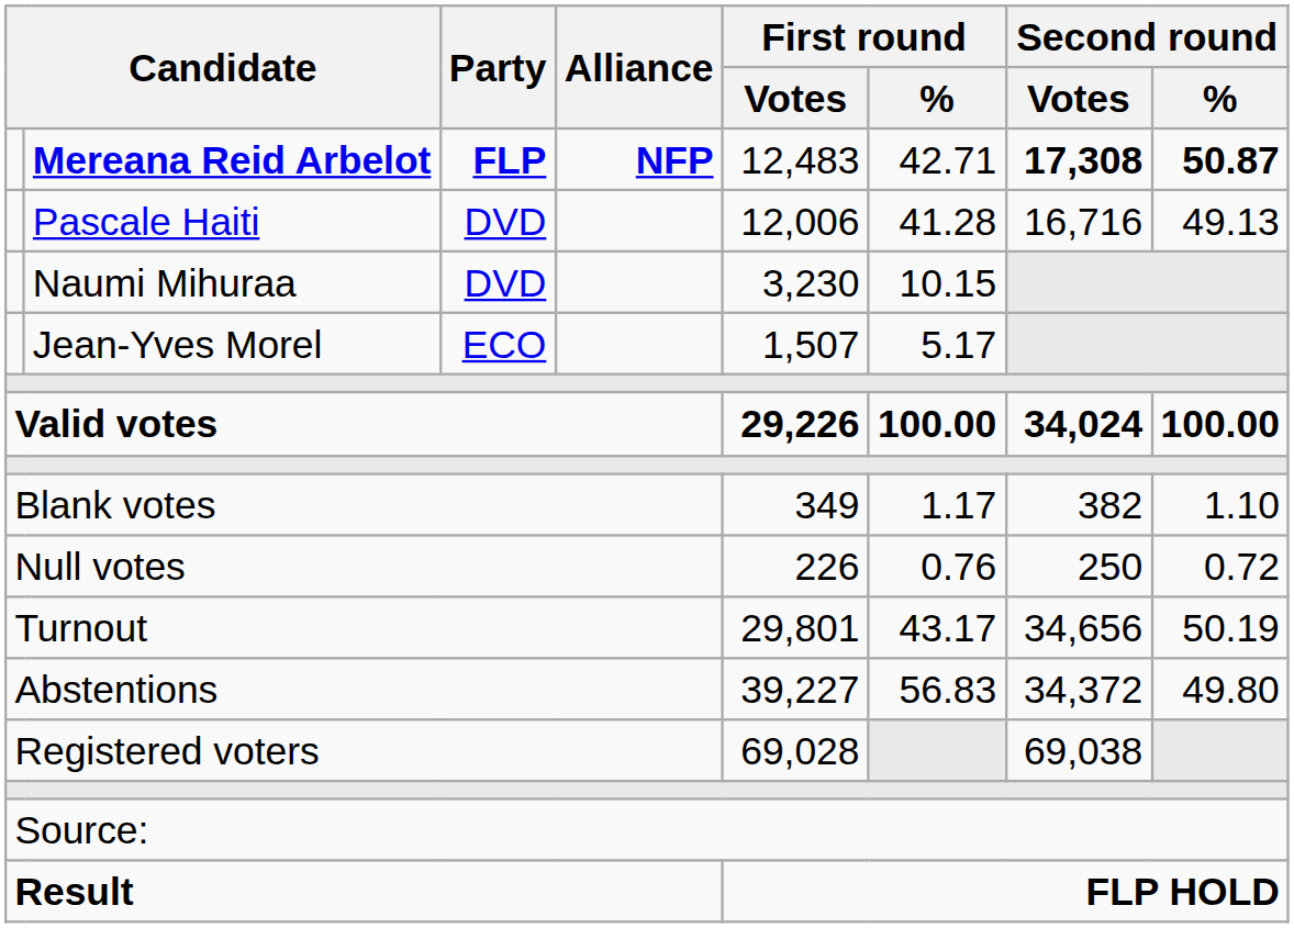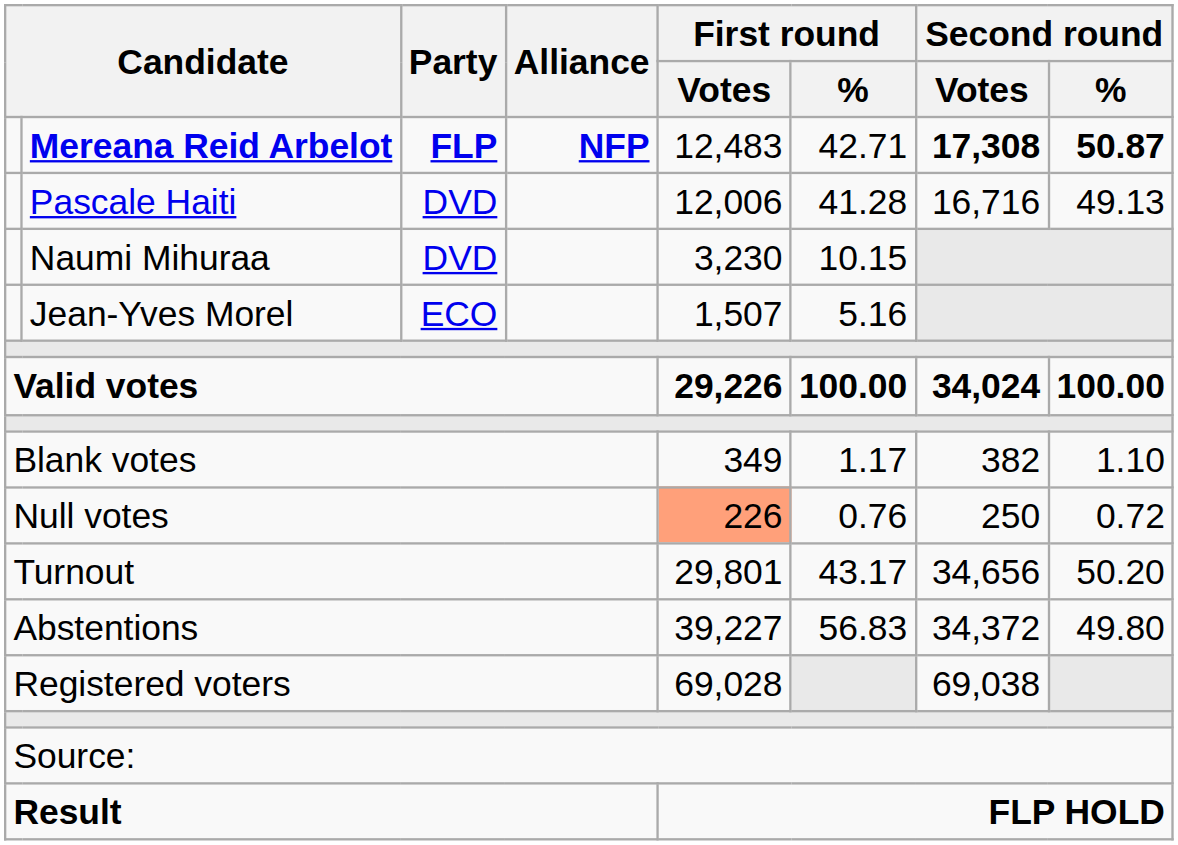 <table class="wikitable" style="text-align:right;font-size:95%;">
 <tr>
 <th colspan="2" rowspan="2">Candidate</th>
 <th colspan="1" rowspan="2">Party</th>
 <th colspan="1" rowspan="2">Alliance</th>
 <th colspan="2">First round</th>
 <th colspan="2">Second round</th>
 </tr>
 <tr>
 <th style="width:50px;">Votes</th>
 <th style="width:45px;">%</th>
 <th style="width:50px;">Votes</th>
 <th style="width:45px;">%</th>
 </tr>
 <tr>
 <td style="color:inherit;background:"></td>
 <td style="text-align:left;"><strong><a href='#'>Mereana Reid Arbelot</a></strong></td>
 <td><a href='#'><strong>FLP</strong></a></td>
 <td><a href='#'><strong>NFP</strong></a></td>
 <td>12,483</td>
 <td>42.71</td>
 <td><strong>17,308</strong></td>
 <td><strong>50.87</strong></td>
 </tr>
 <tr>
 <td style="color:inherit;background:"></td>
 <td style="text-align:left;"><a href='#'>Pascale Haiti</a></td>
 <td><a href='#'>DVD</a></td>
 <td></td>
 <td>12,006</td>
 <td>41.28</td>
 <td>16,716</td>
 <td>49.13</td>
 </tr>
 <tr>
 <td style="color:inherit;background:"></td>
 <td style="text-align:left;">Naumi Mihuraa</td>
 <td><a href='#'>DVD</a></td>
 <td></td>
 <td>3,230</td>
 <td>10.15</td>
 <td colspan="2" rowspan="1" style="background:#E9E9E9;"></td>
 </tr>
 <tr>
 <td style="color:inherit;background:"></td>
 <td style="text-align:left;">Jean-Yves Morel</td>
 <td><a href='#'>ECO</a></td>
 <td></td>
 <td>1,507</td>
-<td>5.17</td>
+<td>5.16</td>
 <td colspan="2" rowspan="1" style="background:#E9E9E9;"></td>
 </tr>
 <tr>
 <td colspan="8" style="background:#E9E9E9;"></td>
 </tr>
 <tr style="font-weight:bold;">
 <td colspan="4" style="text-align:left;">Valid votes</td>
 <td>29,226</td>
 <td>100.00</td>
 <td>34,024</td>
 <td>100.00</td>
 </tr>
 <tr>
 <td colspan="8" style="background:#E9E9E9;"></td>
 </tr>
 <tr>
 <td colspan="4" style="text-align:left;">Blank votes</td>
 <td>349</td>
 <td>1.17</td>
 <td>382</td>
 <td>1.10</td>
 </tr>
 <tr>
 <td colspan="4" style="text-align:left;">Null votes</td>
-<td>226</td>
+<td style="background: lightsalmon;">226</td>
 <td>0.76</td>
 <td>250</td>
 <td>0.72</td>
 </tr>
 <tr>
 <td colspan="4" style="text-align:left;">Turnout</td>
 <td>29,801</td>
 <td>43.17</td>
 <td>34,656</td>
-<td>50.19</td>
+<td>50.20</td>
 </tr>
 <tr>
 <td colspan="4" style="text-align:left;">Abstentions</td>
 <td>39,227</td>
 <td>56.83</td>
 <td>34,372</td>
 <td>49.80</td>
 </tr>
 <tr>
 <td colspan="4" style="text-align:left;">Registered voters</td>
 <td>69,028</td>
 <td style="background:#E9E9E9;"></td>
 <td>69,038</td>
 <td style="background:#E9E9E9;"></td>
 </tr>
 <tr>
 <td colspan="8" style="background:#E9E9E9;"></td>
 </tr>
 <tr>
 <td colspan="8" style="text-align:left;">Source: </td>
 </tr>
 <tr style="font-weight:bold">
 <td colspan="4" style="text-align:left;">Result</td>
 <td colspan="4" style="background-color:">FLP HOLD</td>
 </tr>
 </table>
